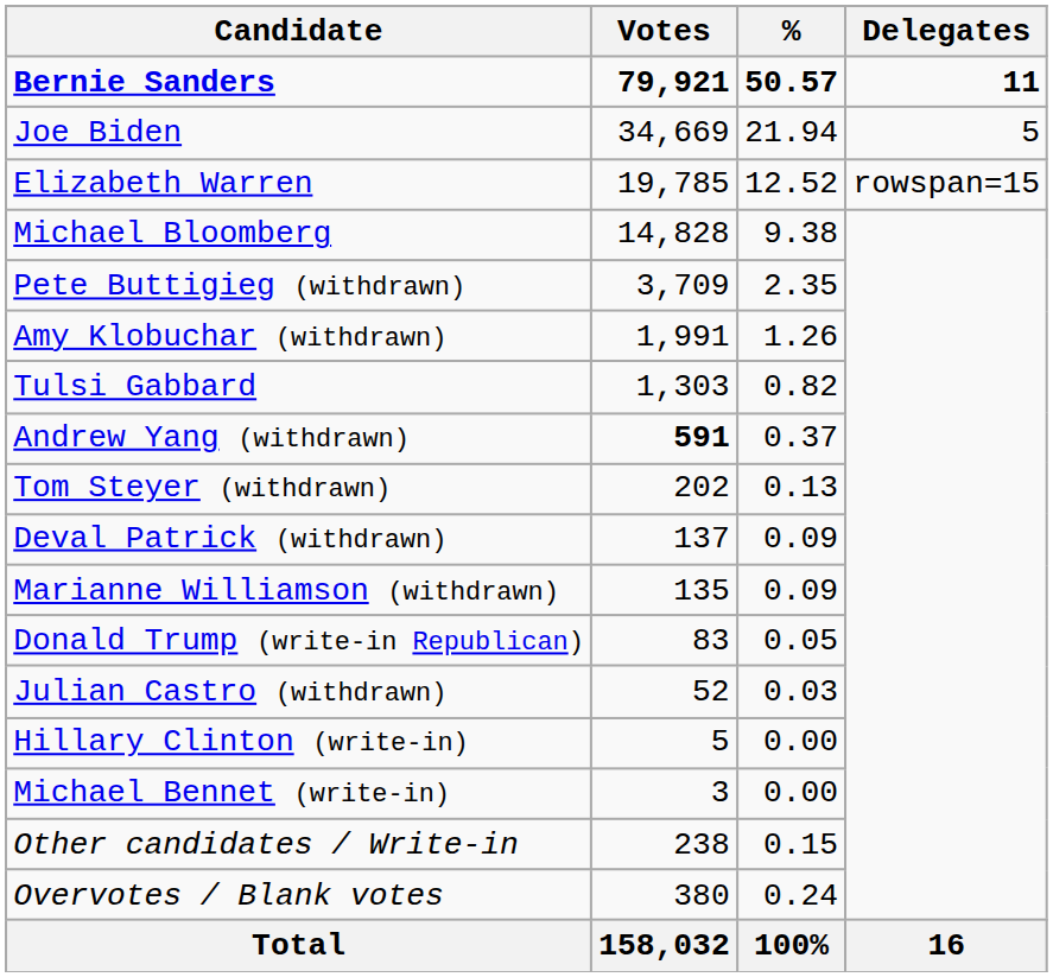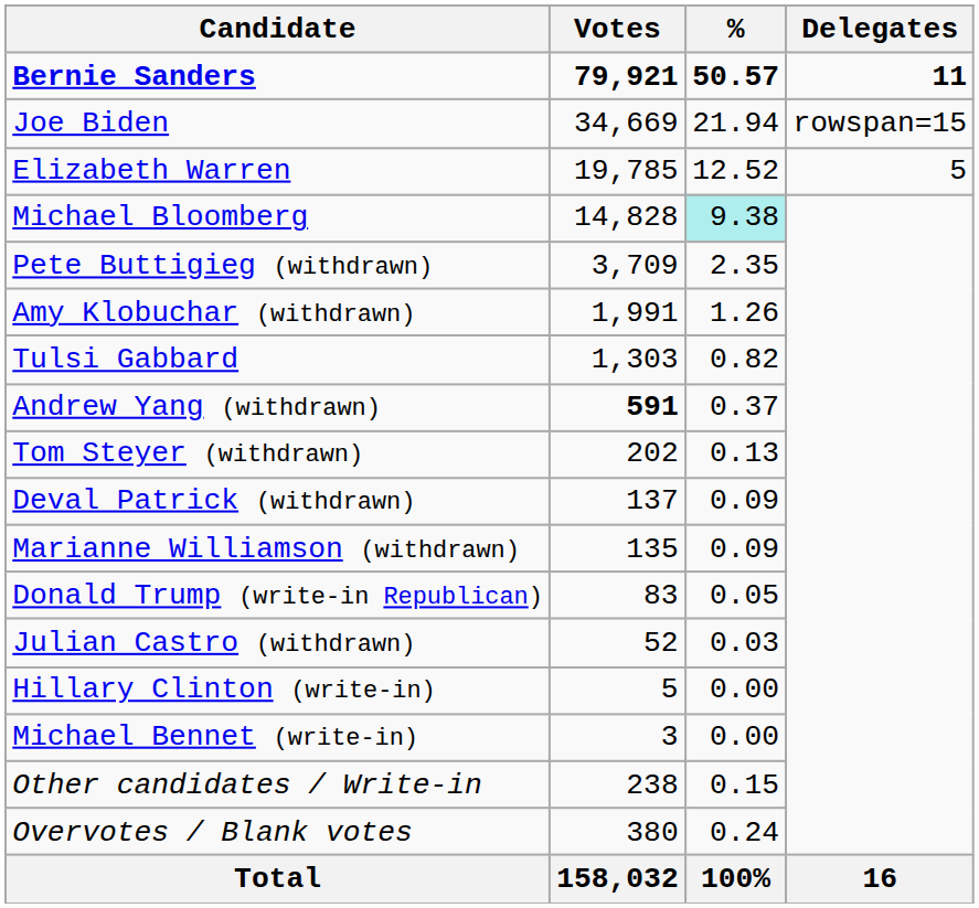 <table class="wikitable sortable" style="text-align:right;">
 <tr>
 <th>Candidate</th>
 <th>Votes</th>
 <th>%</th>
 <th>Delegates</th>
 </tr>
 <tr>
 <td style="text-align:left;" data-sort-value="Sanders, Bernie"><strong><a href='#'>Bernie Sanders</a></strong></td>
 <td><strong>79,921</strong></td>
 <td><strong>50.57</strong></td>
 <td><strong>11</strong></td>
 </tr>
 <tr>
 <td style="text-align:left;" data-sort-value="Biden, Joe"><a href='#'>Joe Biden</a></td>
 <td>34,669</td>
 <td>21.94</td>
-<td>5</td>
+<td>rowspan=15 </td>
 </tr>
 <tr>
 <td style="text-align:left;" data-sort-value="Warren, Elizabeth"><a href='#'>Elizabeth Warren</a></td>
 <td>19,785</td>
 <td>12.52</td>
-<td>rowspan=15 </td>
+<td>5</td>
 </tr>
 <tr>
 <td style="text-align:left;" data-sort-value="Bloomberg, Michael"><a href='#'>Michael Bloomberg</a></td>
 <td>14,828</td>
-<td>9.38</td>
+<td style="background: paleturquoise;">9.38</td>
 </tr>
 <tr>
 <td style="text-align:left;" data-sort-value="Buttigieg, Pete"><a href='#'>Pete Buttigieg</a> <small>(withdrawn)</small></td>
 <td>3,709</td>
 <td>2.35</td>
 </tr>
 <tr>
 <td style="text-align:left;" data-sort-value="Klobuchar, Amy"><a href='#'>Amy Klobuchar</a> <small>(withdrawn)</small></td>
 <td>1,991</td>
 <td>1.26</td>
 </tr>
 <tr>
 <td style="text-align:left;" data-sort-value="Gabbard, Tulsi"><a href='#'>Tulsi Gabbard</a></td>
 <td>1,303</td>
 <td>0.82</td>
 </tr>
 <tr>
 <td style="text-align:left;" data-sort-value="Yang, Andrew"><a href='#'>Andrew Yang</a> <small>(withdrawn)</small></td>
 <td><strong>591</strong></td>
 <td>0.37</td>
 </tr>
 <tr>
 <td style="text-align:left;" data-sort-value="Steyer, Tom"><a href='#'>Tom Steyer</a> <small>(withdrawn)</small></td>
 <td>202</td>
 <td>0.13</td>
 </tr>
 <tr>
 <td style="text-align:left;" data-sort-value="Patrick, Deval"><a href='#'>Deval Patrick</a> <small>(withdrawn)</small></td>
 <td>137</td>
 <td>0.09</td>
 </tr>
 <tr>
 <td style="text-align:left;" data-sort-value="Williamson, Marianne"><a href='#'>Marianne Williamson</a> <small>(withdrawn)</small></td>
 <td>135</td>
 <td>0.09</td>
 </tr>
 <tr>
 <td style="text-align:left;" data-sort-value="Trump, Donald"><a href='#'>Donald Trump</a> <small>(write-in <a href='#'>Republican</a>)</small></td>
 <td>83</td>
 <td>0.05</td>
 </tr>
 <tr>
 <td style="text-align:left;" data-sort-value="Castro, Julian"><a href='#'>Julian Castro</a> <small>(withdrawn)</small></td>
 <td>52</td>
 <td>0.03</td>
 </tr>
 <tr>
 <td style="text-align:left;" data-sort-value="Clinton, Hillary"><a href='#'>Hillary Clinton</a> <small>(write-in)</small></td>
 <td>5</td>
 <td>0.00</td>
 </tr>
 <tr>
 <td style="text-align:left;" data-sort-value="Castro, Julian"><a href='#'>Michael Bennet</a> <small>(write-in)</small></td>
 <td>3</td>
 <td>0.00</td>
 </tr>
 <tr>
 <td style="text-align:left;" data-sort-value="ZZA"><em>Other candidates / Write-in</em></td>
 <td>238</td>
 <td>0.15</td>
 </tr>
 <tr>
 <td style="text-align:left;" data-sort-value="ZZB"><em>Overvotes / Blank votes</em></td>
 <td>380</td>
 <td>0.24</td>
 </tr>
 <tr>
 <th>Total</th>
 <th>158,032</th>
 <th>100%</th>
 <th>16</th>
 </tr>
 </table>
